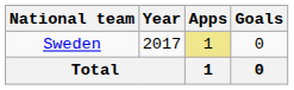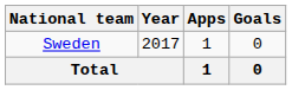 <table class="wikitable" style="text-align:center">
 <tr>
 <th>National team</th>
 <th>Year</th>
 <th>Apps</th>
 <th>Goals</th>
 </tr>
 <tr>
 <td><a href='#'>Sweden</a></td>
 <td>2017</td>
-<td style="background: khaki;">1</td>
+<td>1</td>
 <td>0</td>
 </tr>
 <tr>
 <th colspan="2">Total</th>
 <th>1</th>
 <th>0</th>
 </tr>
 </table>
